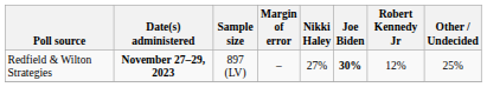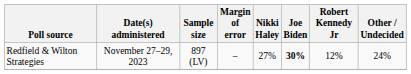 <table class="wikitable sortable mw-datatable" style="font-size:90%;text-align:center;line-height:17px">
 <tr valign=bottom>
 <th>Poll source</th>
 <th>Date(s)<br>administered</th>
 <th>Sample<br>size</th>
 <th>Margin<br>of error</th>
 <th class="unsortable">Nikki<br>Haley<br></th>
 <th class="unsortable">Joe<br>Biden<br></th>
 <th class="unsortable">Robert<br>Kennedy Jr<br></th>
 <th class="unsortable">Other /<br>Undecided</th>
 </tr>
 <tr>
 <td style="text-align:left;">Redfield & Wilton Strategies</td>
-<td data-sort-value="2023-12-05"><strong>November 27–29, 2023</strong></td>
+<td data-sort-value="2023-12-05">November 27–29, 2023</td>
 <td>897 (LV)</td>
 <td>–</td>
 <td>27%</td>
 <td style="color:black;background-color:"><strong>30%</strong></td>
 <td>12%</td>
-<td>25%</td>
+<td>24%</td>
 </tr>
 <tr>
 </tr>
 </table>
